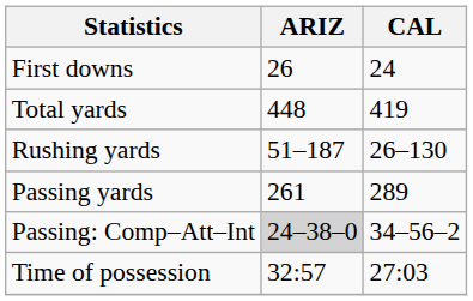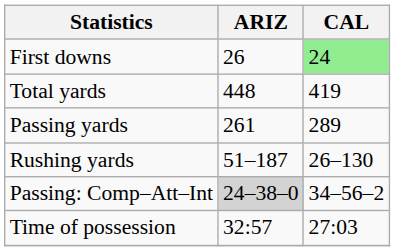 <table class="wikitable" style="float: left;">
 <tr>
 <th>Statistics</th>
 <th>ARIZ</th>
 <th>CAL</th>
 </tr>
 <tr>
 <td>First downs</td>
 <td>26</td>
-<td>24</td>
+<td style="background: lightgreen;">24</td>
 </tr>
 <tr>
 <td>Total yards</td>
 <td>448</td>
 <td>419</td>
 </tr>
 <tr>
+<td>Passing yards</td>
+<td>261</td>
+<td>289</td>
+</tr>
+<tr>
 <td>Rushing yards</td>
 <td>51–187</td>
 <td>26–130</td>
-</tr>
-<tr>
-<td>Passing yards</td>
-<td>261</td>
-<td>289</td>
 </tr>
 <tr>
 <td>Passing: Comp–Att–Int</td>
 <td style="background: lightgrey;">24–38–0</td>
 <td>34–56–2</td>
 </tr>
 <tr>
 <td>Time of possession</td>
 <td>32:57</td>
 <td>27:03</td>
 </tr>
 <tr>
 </tr>
 </table>
